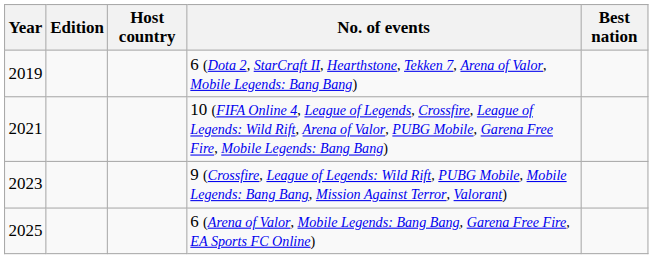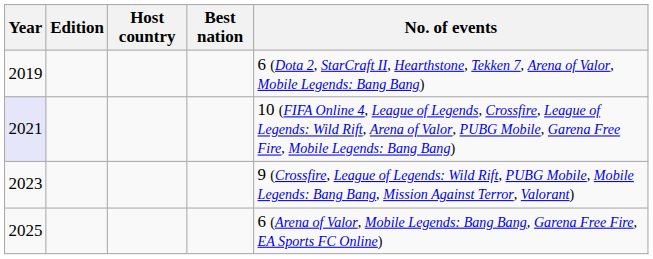 <table class="wikitable">
 <tr>
 <th>Year</th>
 <th>Edition</th>
 <th>Host country</th>
+<th>Best nation</th>
 <th>No. of events</th>
-<th>Best nation</th>
 </tr>
 <tr>
 <td>2019</td>
 <td></td>
 <td></td>
+<td></td>
 <td>6 <small>(<em><a href='#'>Dota 2</a></em>, <em><a href='#'>StarCraft II</a></em>, <em><a href='#'>Hearthstone</a></em>, <em><a href='#'>Tekken 7</a></em>, <em><a href='#'>Arena of Valor</a></em>, <em><a href='#'>Mobile Legends: Bang Bang</a></em>)</small></td>
-<td></td>
 </tr>
 <tr>
-<td>2021</td>
+<td style="background: lavender;">2021</td>
+<td></td>
 <td></td>
 <td></td>
 <td>10 <small>(<em><a href='#'>FIFA Online 4</a></em>, <em><a href='#'>League of Legends</a></em>, <a href='#'><em>Crossfire</em></a>, <em><a href='#'>League of Legends: Wild Rift</a></em>, <em><a href='#'>Arena of Valor</a></em>, <em><a href='#'>PUBG Mobile</a></em>, <a href='#'><em>Garena Free Fire</em></a>, <em><a href='#'>Mobile Legends: Bang Bang</a></em>)</small></td>
-<td></td>
 </tr>
 <tr>
 <td>2023</td>
 <td></td>
 <td></td>
+<td></td>
 <td>9 <small>(<a href='#'><em>Crossfire</em></a>, <em><a href='#'>League of Legends: Wild Rift</a></em>, <em><a href='#'>PUBG Mobile</a></em>, <em><a href='#'>Mobile Legends: Bang Bang</a></em>, <em><a href='#'>Mission Against Terror</a></em>, <em><a href='#'>Valorant</a></em>)</small></td>
-<td></td>
 </tr>
 <tr>
 <td>2025</td>
 <td></td>
 <td></td>
+<td></td>
 <td>6 <small>(<em><a href='#'>Arena of Valor</a></em>, <em><a href='#'>Mobile Legends: Bang Bang</a>, <a href='#'>Garena Free Fire</a>, <a href='#'>EA Sports FC Online</a></em>)</small></td>
-<td></td>
 </tr>
 </table>
